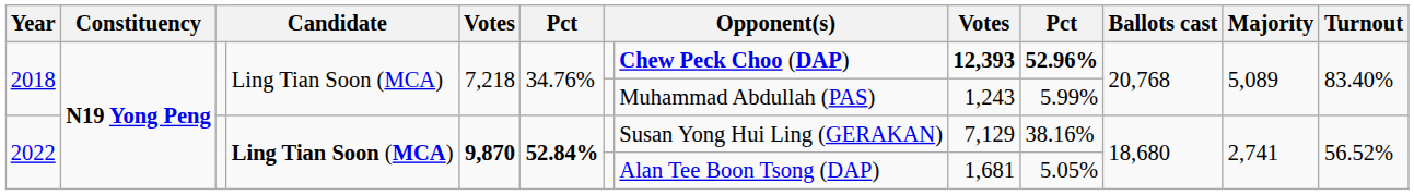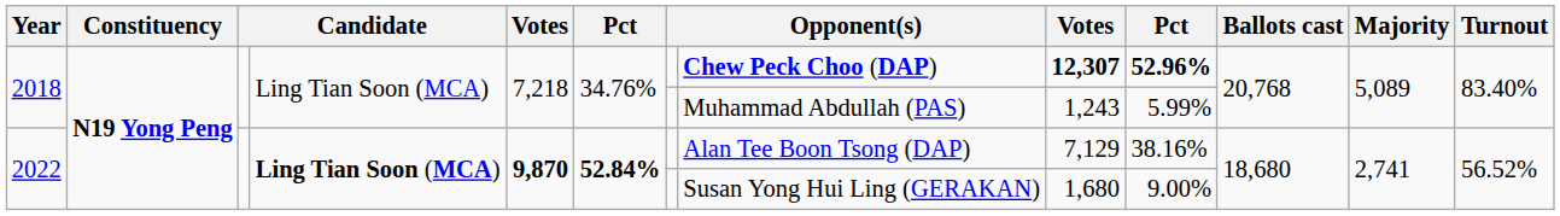 <table class="wikitable" style="margin:0.5em ; font-size:95%">
 <tr>
 <th>Year</th>
 <th>Constituency</th>
 <th colspan=2>Candidate</th>
 <th>Votes</th>
 <th>Pct</th>
 <th colspan=2>Opponent(s)</th>
 <th>Votes</th>
 <th>Pct</th>
 <th>Ballots cast</th>
 <th>Majority</th>
 <th>Turnout</th>
 </tr>
 <tr>
 <td rowspan="2"><a href='#'>2018</a></td>
 <td rowspan="4"><strong>N19 <a href='#'>Yong Peng</a></strong></td>
 <td rowspan=2 ></td>
 <td rowspan="2">Ling Tian Soon (<a href='#'>MCA</a>)</td>
 <td rowspan="2" align="right">7,218</td>
 <td rowspan="2">34.76%</td>
 <td></td>
 <td><strong><a href='#'>Chew Peck Choo</a></strong> (<a href='#'><strong>DAP</strong></a>)</td>
-<td align="right"><strong>12,393</strong></td>
+<td align="right"><strong>12,307</strong></td>
 <td><strong>52.96%</strong></td>
 <td rowspan="2">20,768</td>
 <td rowspan="2">5,089</td>
 <td rowspan="2">83.40%</td>
 </tr>
 <tr>
 <td></td>
 <td>Muhammad Abdullah (<a href='#'>PAS</a>)</td>
 <td align="right">1,243</td>
 <td align="right">5.99%</td>
 </tr>
 <tr>
 <td rowspan="2"><a href='#'>2022</a></td>
 <td rowspan="2" ></td>
 <td rowspan="2"><strong>Ling Tian Soon</strong> (<a href='#'><strong>MCA</strong></a>)</td>
 <td rowspan="2" align="right"><strong>9,870</strong></td>
 <td rowspan="2"><strong>52.84%</strong></td>
 <td></td>
-<td>Susan Yong Hui Ling (<a href='#'>GERAKAN</a>)</td>
+<td><a href='#'>Alan Tee Boon Tsong</a> (<a href='#'>DAP</a>)</td>
 <td align="right">7,129</td>
 <td>38.16%</td>
 <td rowspan="2">18,680</td>
 <td rowspan="2">2,741</td>
 <td rowspan="2">56.52%</td>
 </tr>
 <tr>
 <td></td>
-<td><a href='#'>Alan Tee Boon Tsong</a> (<a href='#'>DAP</a>)</td>
-<td align="right">1,681</td>
-<td align="right">5.05%</td>
+<td>Susan Yong Hui Ling (<a href='#'>GERAKAN</a>)</td>
+<td align="right">1,680</td>
+<td align="right">9.00%</td>
 </tr>
 </table>
